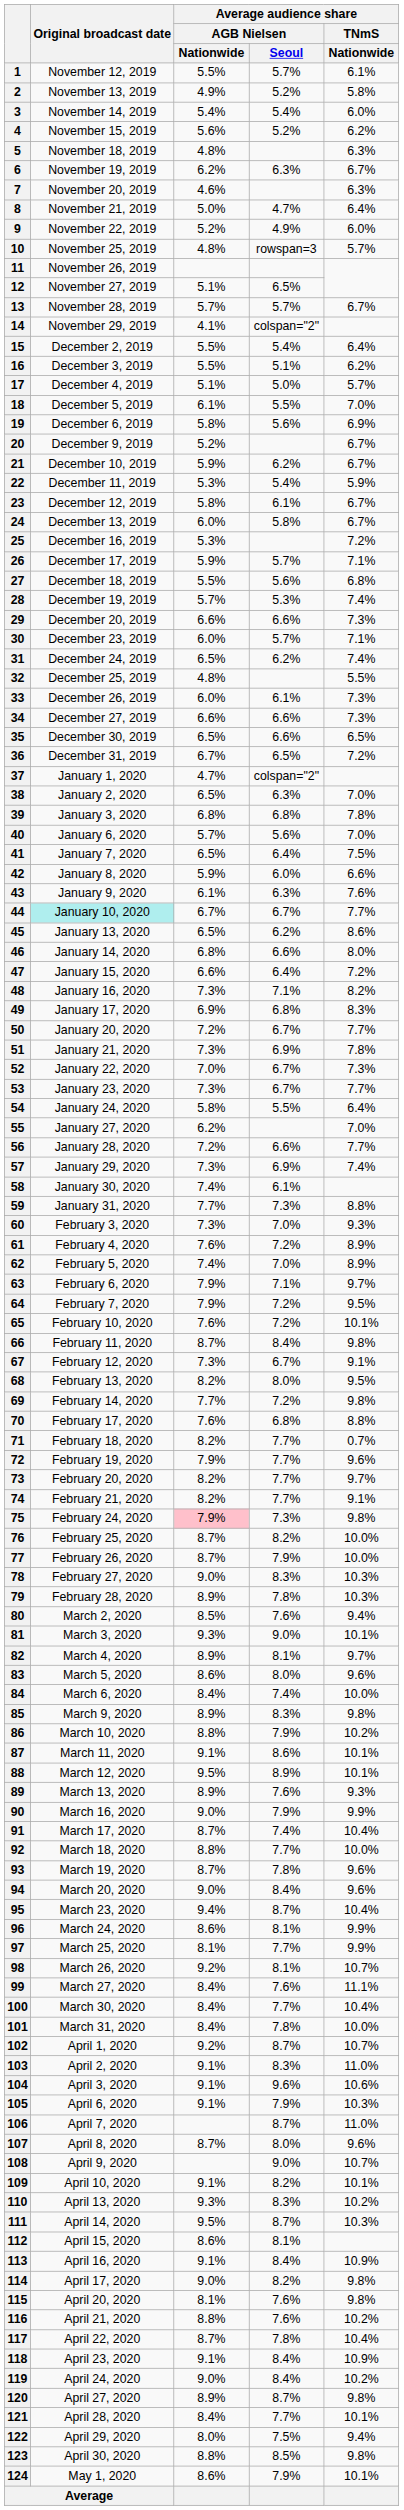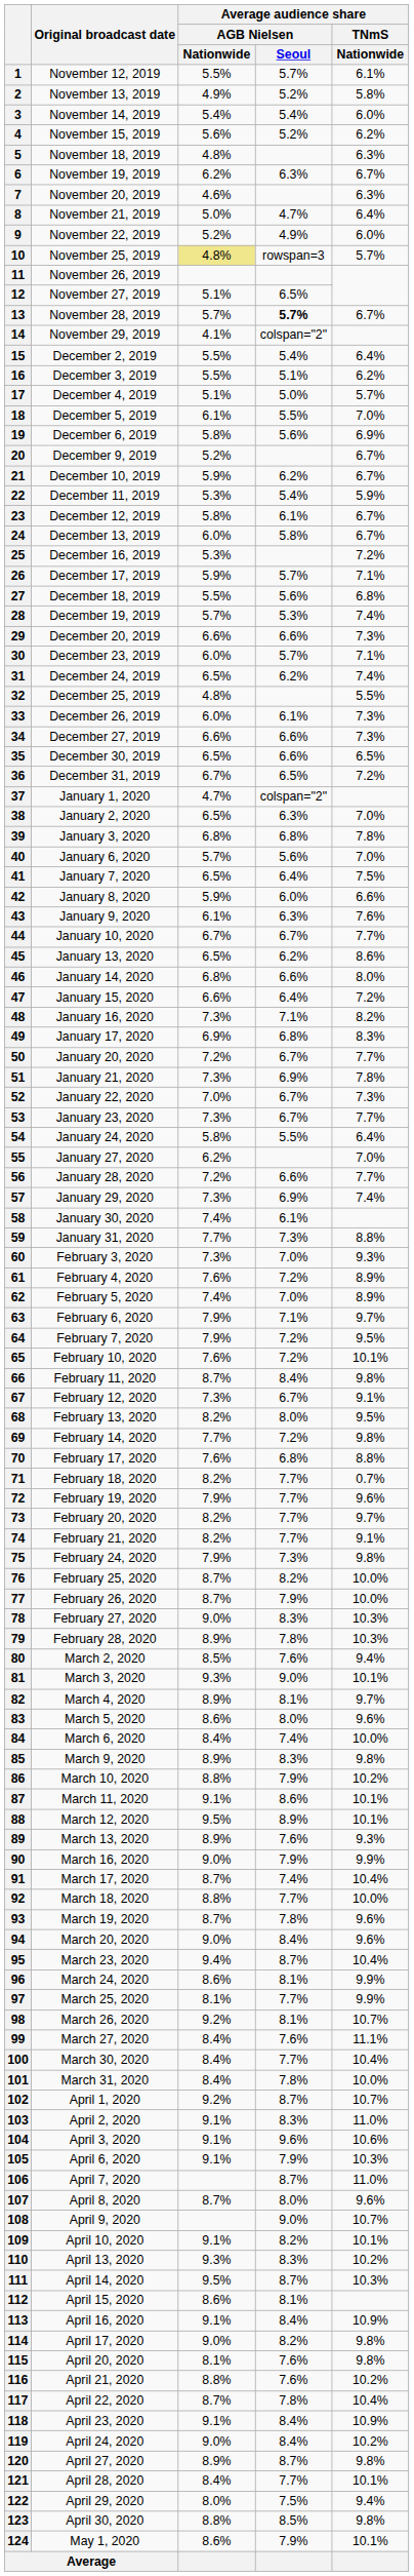 <table class="wikitable" style="text-align:center">
 <tr>
 <th rowspan="3"></th>
 <th rowspan="3">Original broadcast date</th>
 <th colspan="3">Average audience share</th>
 </tr>
 <tr>
 <th colspan="2">AGB Nielsen</th>
 <th>TNmS</th>
 </tr>
 <tr>
 <th width="90">Nationwide</th>
 <th width="90"><a href='#'>Seoul</a></th>
 <th width="90">Nationwide</th>
 </tr>
 <tr>
 <th>1</th>
 <td>November 12, 2019</td>
 <td>5.5%</td>
 <td>5.7%</td>
 <td>6.1%</td>
 </tr>
 <tr>
 <th>2</th>
 <td>November 13, 2019</td>
 <td>4.9%</td>
 <td>5.2%</td>
 <td>5.8%</td>
 </tr>
 <tr>
 <th>3</th>
 <td>November 14, 2019</td>
 <td>5.4%</td>
 <td>5.4%</td>
 <td>6.0%</td>
 </tr>
 <tr>
 <th>4</th>
 <td>November 15, 2019</td>
 <td>5.6%</td>
 <td>5.2%</td>
 <td>6.2%</td>
 </tr>
 <tr>
 <th>5</th>
 <td>November 18, 2019</td>
 <td>4.8%</td>
 <td></td>
 <td>6.3%</td>
 </tr>
 <tr>
 <th>6</th>
 <td>November 19, 2019</td>
 <td>6.2%</td>
 <td>6.3%</td>
 <td>6.7%</td>
 </tr>
 <tr>
 <th>7</th>
 <td>November 20, 2019</td>
 <td>4.6%</td>
 <td></td>
 <td>6.3%</td>
 </tr>
 <tr>
 <th>8</th>
 <td>November 21, 2019</td>
 <td>5.0%</td>
 <td>4.7%</td>
 <td>6.4%</td>
 </tr>
 <tr>
 <th>9</th>
 <td>November 22, 2019</td>
 <td>5.2%</td>
 <td>4.9%</td>
 <td>6.0%</td>
 </tr>
 <tr>
 <th>10</th>
 <td>November 25, 2019</td>
-<td>4.8%</td>
+<td style="background: khaki;">4.8%</td>
 <td>rowspan=3 </td>
 <td>5.7%</td>
 </tr>
 <tr>
 <th>11</th>
 <td>November 26, 2019</td>
 <td></td>
 <td></td>
 </tr>
 <tr>
 <th>12</th>
 <td>November 27, 2019</td>
 <td>5.1%</td>
 <td>6.5%</td>
 </tr>
 <tr>
 <th>13</th>
 <td>November 28, 2019</td>
 <td>5.7%</td>
-<td>5.7%</td>
+<td><strong>5.7%</strong></td>
 <td>6.7%</td>
 </tr>
 <tr>
 <th>14</th>
 <td>November 29, 2019</td>
 <td>4.1%</td>
 <td>colspan="2" </td>
 </tr>
 <tr>
 <th>15</th>
 <td>December 2, 2019</td>
 <td>5.5%</td>
 <td>5.4%</td>
 <td>6.4%</td>
 </tr>
 <tr>
 <th>16</th>
 <td>December 3, 2019</td>
 <td>5.5%</td>
 <td>5.1%</td>
 <td>6.2%</td>
 </tr>
 <tr>
 <th>17</th>
 <td>December 4, 2019</td>
 <td>5.1%</td>
 <td>5.0%</td>
 <td>5.7%</td>
 </tr>
 <tr>
 <th>18</th>
 <td>December 5, 2019</td>
 <td>6.1%</td>
 <td>5.5%</td>
 <td>7.0%</td>
 </tr>
 <tr>
 <th>19</th>
 <td>December 6, 2019</td>
 <td>5.8%</td>
 <td>5.6%</td>
 <td>6.9%</td>
 </tr>
 <tr>
 <th>20</th>
 <td>December 9, 2019</td>
 <td>5.2%</td>
 <td></td>
 <td>6.7%</td>
 </tr>
 <tr>
 <th>21</th>
 <td>December 10, 2019</td>
 <td>5.9%</td>
 <td>6.2%</td>
 <td>6.7%</td>
 </tr>
 <tr>
 <th>22</th>
 <td>December 11, 2019</td>
 <td>5.3%</td>
 <td>5.4%</td>
 <td>5.9%</td>
 </tr>
 <tr>
 <th>23</th>
 <td>December 12, 2019</td>
 <td>5.8%</td>
 <td>6.1%</td>
 <td>6.7%</td>
 </tr>
 <tr>
 <th>24</th>
 <td>December 13, 2019</td>
 <td>6.0%</td>
 <td>5.8%</td>
 <td>6.7%</td>
 </tr>
 <tr>
 <th>25</th>
 <td>December 16, 2019</td>
 <td>5.3%</td>
 <td></td>
 <td>7.2%</td>
 </tr>
 <tr>
 <th>26</th>
 <td>December 17, 2019</td>
 <td>5.9%</td>
 <td>5.7%</td>
 <td>7.1%</td>
 </tr>
 <tr>
 <th>27</th>
 <td>December 18, 2019</td>
 <td>5.5%</td>
 <td>5.6%</td>
 <td>6.8%</td>
 </tr>
 <tr>
 <th>28</th>
 <td>December 19, 2019</td>
 <td>5.7%</td>
 <td>5.3%</td>
 <td>7.4%</td>
 </tr>
 <tr>
 <th>29</th>
 <td>December 20, 2019</td>
 <td>6.6%</td>
 <td>6.6%</td>
 <td>7.3%</td>
 </tr>
 <tr>
 <th>30</th>
 <td>December 23, 2019</td>
 <td>6.0%</td>
 <td>5.7%</td>
 <td>7.1%</td>
 </tr>
 <tr>
 <th>31</th>
 <td>December 24, 2019</td>
 <td>6.5%</td>
 <td>6.2%</td>
 <td>7.4%</td>
 </tr>
 <tr>
 <th>32</th>
 <td>December 25, 2019</td>
 <td>4.8%</td>
 <td></td>
 <td>5.5%</td>
 </tr>
 <tr>
 <th>33</th>
 <td>December 26, 2019</td>
 <td>6.0%</td>
 <td>6.1%</td>
 <td>7.3%</td>
 </tr>
 <tr>
 <th>34</th>
 <td>December 27, 2019</td>
 <td>6.6%</td>
 <td>6.6%</td>
 <td>7.3%</td>
 </tr>
 <tr>
 <th>35</th>
 <td>December 30, 2019</td>
 <td>6.5%</td>
 <td>6.6%</td>
 <td>6.5%</td>
 </tr>
 <tr>
 <th>36</th>
 <td>December 31, 2019</td>
 <td>6.7%</td>
 <td>6.5%</td>
 <td>7.2%</td>
 </tr>
 <tr>
 <th>37</th>
 <td>January 1, 2020</td>
 <td>4.7%</td>
 <td>colspan="2" </td>
 </tr>
 <tr>
 <th>38</th>
 <td>January 2, 2020</td>
 <td>6.5%</td>
 <td>6.3%</td>
 <td>7.0%</td>
 </tr>
 <tr>
 <th>39</th>
 <td>January 3, 2020</td>
 <td>6.8%</td>
 <td>6.8%</td>
 <td>7.8%</td>
 </tr>
 <tr>
 <th>40</th>
 <td>January 6, 2020</td>
 <td>5.7%</td>
 <td>5.6%</td>
 <td>7.0%</td>
 </tr>
 <tr>
 <th>41</th>
 <td>January 7, 2020</td>
 <td>6.5%</td>
 <td>6.4%</td>
 <td>7.5%</td>
 </tr>
 <tr>
 <th>42</th>
 <td>January 8, 2020</td>
 <td>5.9%</td>
 <td>6.0%</td>
 <td>6.6%</td>
 </tr>
 <tr>
 <th>43</th>
 <td>January 9, 2020</td>
 <td>6.1%</td>
 <td>6.3%</td>
 <td>7.6%</td>
 </tr>
 <tr>
 <th>44</th>
-<td style="background: paleturquoise;">January 10, 2020</td>
+<td>January 10, 2020</td>
 <td>6.7%</td>
 <td>6.7%</td>
 <td>7.7%</td>
 </tr>
 <tr>
 <th>45</th>
 <td>January 13, 2020</td>
 <td>6.5%</td>
 <td>6.2%</td>
 <td>8.6%</td>
 </tr>
 <tr>
 <th>46</th>
 <td>January 14, 2020</td>
 <td>6.8%</td>
 <td>6.6%</td>
 <td>8.0%</td>
 </tr>
 <tr>
 <th>47</th>
 <td>January 15, 2020</td>
 <td>6.6%</td>
 <td>6.4%</td>
 <td>7.2%</td>
 </tr>
 <tr>
 <th>48</th>
 <td>January 16, 2020</td>
 <td>7.3%</td>
 <td>7.1%</td>
 <td>8.2%</td>
 </tr>
 <tr>
 <th>49</th>
 <td>January 17, 2020</td>
 <td>6.9%</td>
 <td>6.8%</td>
 <td>8.3%</td>
 </tr>
 <tr>
 <th>50</th>
 <td>January 20, 2020</td>
 <td>7.2%</td>
 <td>6.7%</td>
 <td>7.7%</td>
 </tr>
 <tr>
 <th>51</th>
 <td>January 21, 2020</td>
 <td>7.3%</td>
 <td>6.9%</td>
 <td>7.8%</td>
 </tr>
 <tr>
 <th>52</th>
 <td>January 22, 2020</td>
 <td>7.0%</td>
 <td>6.7%</td>
 <td>7.3%</td>
 </tr>
 <tr>
 <th>53</th>
 <td>January 23, 2020</td>
 <td>7.3%</td>
 <td>6.7%</td>
 <td>7.7%</td>
 </tr>
 <tr>
 <th>54</th>
 <td>January 24, 2020</td>
 <td>5.8%</td>
 <td>5.5%</td>
 <td>6.4%</td>
 </tr>
 <tr>
 <th>55</th>
 <td>January 27, 2020</td>
 <td>6.2%</td>
 <td></td>
 <td>7.0%</td>
 </tr>
 <tr>
 <th>56</th>
 <td>January 28, 2020</td>
 <td>7.2%</td>
 <td>6.6%</td>
 <td>7.7%</td>
 </tr>
 <tr>
 <th>57</th>
 <td>January 29, 2020</td>
 <td>7.3%</td>
 <td>6.9%</td>
 <td>7.4%</td>
 </tr>
 <tr>
 <th>58</th>
 <td>January 30, 2020</td>
 <td>7.4%</td>
 <td>6.1%</td>
 <td></td>
 </tr>
 <tr>
 <th>59</th>
 <td>January 31, 2020</td>
 <td>7.7%</td>
 <td>7.3%</td>
 <td>8.8%</td>
 </tr>
 <tr>
 <th>60</th>
 <td>February 3, 2020</td>
 <td>7.3%</td>
 <td>7.0%</td>
 <td>9.3%</td>
 </tr>
 <tr>
 <th>61</th>
 <td>February 4, 2020</td>
 <td>7.6%</td>
 <td>7.2%</td>
 <td>8.9%</td>
 </tr>
 <tr>
 <th>62</th>
 <td>February 5, 2020</td>
 <td>7.4%</td>
 <td>7.0%</td>
 <td>8.9%</td>
 </tr>
 <tr>
 <th>63</th>
 <td>February 6, 2020</td>
 <td>7.9%</td>
 <td>7.1%</td>
 <td>9.7%</td>
 </tr>
 <tr>
 <th>64</th>
 <td>February 7, 2020</td>
 <td>7.9%</td>
 <td>7.2%</td>
 <td>9.5%</td>
 </tr>
 <tr>
 <th>65</th>
 <td>February 10, 2020</td>
 <td>7.6%</td>
 <td>7.2%</td>
 <td>10.1%</td>
 </tr>
 <tr>
 <th>66</th>
 <td>February 11, 2020</td>
 <td>8.7%</td>
 <td>8.4%</td>
 <td>9.8%</td>
 </tr>
 <tr>
 <th>67</th>
 <td>February 12, 2020</td>
 <td>7.3%</td>
 <td>6.7%</td>
 <td>9.1%</td>
 </tr>
 <tr>
 <th>68</th>
 <td>February 13, 2020</td>
 <td>8.2%</td>
 <td>8.0%</td>
 <td>9.5%</td>
 </tr>
 <tr>
 <th>69</th>
 <td>February 14, 2020</td>
 <td>7.7%</td>
 <td>7.2%</td>
 <td>9.8%</td>
 </tr>
 <tr>
 <th>70</th>
 <td>February 17, 2020</td>
 <td>7.6%</td>
 <td>6.8%</td>
 <td>8.8%</td>
 </tr>
 <tr>
 <th>71</th>
 <td>February 18, 2020</td>
 <td>8.2%</td>
 <td>7.7%</td>
 <td>0.7%</td>
 </tr>
 <tr>
 <th>72</th>
 <td>February 19, 2020</td>
 <td>7.9%</td>
 <td>7.7%</td>
 <td>9.6%</td>
 </tr>
 <tr>
 <th>73</th>
 <td>February 20, 2020</td>
 <td>8.2%</td>
 <td>7.7%</td>
 <td>9.7%</td>
 </tr>
 <tr>
 <th>74</th>
 <td>February 21, 2020</td>
 <td>8.2%</td>
 <td>7.7%</td>
 <td>9.1%</td>
 </tr>
 <tr>
 <th>75</th>
 <td>February 24, 2020</td>
-<td style="background: pink;">7.9%</td>
+<td>7.9%</td>
 <td>7.3%</td>
 <td>9.8%</td>
 </tr>
 <tr>
 <th>76</th>
 <td>February 25, 2020</td>
 <td>8.7%</td>
 <td>8.2%</td>
 <td>10.0%</td>
 </tr>
 <tr>
 <th>77</th>
 <td>February 26, 2020</td>
 <td>8.7%</td>
 <td>7.9%</td>
 <td>10.0%</td>
 </tr>
 <tr>
 <th>78</th>
 <td>February 27, 2020</td>
 <td>9.0%</td>
 <td>8.3%</td>
 <td>10.3%</td>
 </tr>
 <tr>
 <th>79</th>
 <td>February 28, 2020</td>
 <td>8.9%</td>
 <td>7.8%</td>
 <td>10.3%</td>
 </tr>
 <tr>
 <th>80</th>
 <td>March 2, 2020</td>
 <td>8.5%</td>
 <td>7.6%</td>
 <td>9.4%</td>
 </tr>
 <tr>
 <th>81</th>
 <td>March 3, 2020</td>
 <td>9.3%</td>
 <td>9.0%</td>
 <td>10.1%</td>
 </tr>
 <tr>
 <th>82</th>
 <td>March 4, 2020</td>
 <td>8.9%</td>
 <td>8.1%</td>
 <td>9.7%</td>
 </tr>
 <tr>
 <th>83</th>
 <td>March 5, 2020</td>
 <td>8.6%</td>
 <td>8.0%</td>
 <td>9.6%</td>
 </tr>
 <tr>
 <th>84</th>
 <td>March 6, 2020</td>
 <td>8.4%</td>
 <td>7.4%</td>
 <td>10.0%</td>
 </tr>
 <tr>
 <th>85</th>
 <td>March 9, 2020</td>
 <td>8.9%</td>
 <td>8.3%</td>
 <td>9.8%</td>
 </tr>
 <tr>
 <th>86</th>
 <td>March 10, 2020</td>
 <td>8.8%</td>
 <td>7.9%</td>
 <td>10.2%</td>
 </tr>
 <tr>
 <th>87</th>
 <td>March 11, 2020</td>
 <td>9.1%</td>
 <td>8.6%</td>
 <td>10.1%</td>
 </tr>
 <tr>
 <th>88</th>
 <td>March 12, 2020</td>
 <td>9.5%</td>
 <td>8.9%</td>
 <td>10.1%</td>
 </tr>
 <tr>
 <th>89</th>
 <td>March 13, 2020</td>
 <td>8.9%</td>
 <td>7.6%</td>
 <td>9.3%</td>
 </tr>
 <tr>
 <th>90</th>
 <td>March 16, 2020</td>
 <td>9.0%</td>
 <td>7.9%</td>
 <td>9.9%</td>
 </tr>
 <tr>
 <th>91</th>
 <td>March 17, 2020</td>
 <td>8.7%</td>
 <td>7.4%</td>
 <td>10.4%</td>
 </tr>
 <tr>
 <th>92</th>
 <td>March 18, 2020</td>
 <td>8.8%</td>
 <td>7.7%</td>
 <td>10.0%</td>
 </tr>
 <tr>
 <th>93</th>
 <td>March 19, 2020</td>
 <td>8.7%</td>
 <td>7.8%</td>
 <td>9.6%</td>
 </tr>
 <tr>
 <th>94</th>
 <td>March 20, 2020</td>
 <td>9.0%</td>
 <td>8.4%</td>
 <td>9.6%</td>
 </tr>
 <tr>
 <th>95</th>
 <td>March 23, 2020</td>
 <td>9.4%</td>
 <td>8.7%</td>
 <td>10.4%</td>
 </tr>
 <tr>
 <th>96</th>
 <td>March 24, 2020</td>
 <td>8.6%</td>
 <td>8.1%</td>
 <td>9.9%</td>
 </tr>
 <tr>
 <th>97</th>
 <td>March 25, 2020</td>
 <td>8.1%</td>
 <td>7.7%</td>
 <td>9.9%</td>
 </tr>
 <tr>
 <th>98</th>
 <td>March 26, 2020</td>
 <td>9.2%</td>
 <td>8.1%</td>
 <td>10.7%</td>
 </tr>
 <tr>
 <th>99</th>
 <td>March 27, 2020</td>
 <td>8.4%</td>
 <td>7.6%</td>
 <td>11.1%</td>
 </tr>
 <tr>
 <th>100</th>
 <td>March 30, 2020</td>
 <td>8.4%</td>
 <td>7.7%</td>
 <td>10.4%</td>
 </tr>
 <tr>
 <th>101</th>
 <td>March 31, 2020</td>
 <td>8.4%</td>
 <td>7.8%</td>
 <td>10.0%</td>
 </tr>
 <tr>
 <th>102</th>
 <td>April 1, 2020</td>
 <td>9.2%</td>
 <td>8.7%</td>
 <td>10.7%</td>
 </tr>
 <tr>
 <th>103</th>
 <td>April 2, 2020</td>
 <td>9.1%</td>
 <td>8.3%</td>
 <td>11.0%</td>
 </tr>
 <tr>
 <th>104</th>
 <td>April 3, 2020</td>
 <td>9.1%</td>
 <td>9.6%</td>
 <td>10.6%</td>
 </tr>
 <tr>
 <th>105</th>
 <td>April 6, 2020</td>
 <td>9.1%</td>
 <td>7.9%</td>
 <td>10.3%</td>
 </tr>
 <tr>
 <th>106</th>
 <td>April 7, 2020</td>
 <td></td>
 <td>8.7%</td>
 <td>11.0%</td>
 </tr>
 <tr>
 <th>107</th>
 <td>April 8, 2020</td>
 <td>8.7%</td>
 <td>8.0%</td>
 <td>9.6%</td>
 </tr>
 <tr>
 <th>108</th>
 <td>April 9, 2020</td>
 <td></td>
 <td>9.0%</td>
 <td>10.7%</td>
 </tr>
 <tr>
 <th>109</th>
 <td>April 10, 2020</td>
 <td>9.1%</td>
 <td>8.2%</td>
 <td>10.1%</td>
 </tr>
 <tr>
 <th>110</th>
 <td>April 13, 2020</td>
 <td>9.3%</td>
 <td>8.3%</td>
 <td>10.2%</td>
 </tr>
 <tr>
 <th>111</th>
 <td>April 14, 2020</td>
 <td>9.5%</td>
 <td>8.7%</td>
 <td>10.3%</td>
 </tr>
 <tr>
 <th>112</th>
 <td>April 15, 2020</td>
 <td>8.6%</td>
 <td>8.1%</td>
 <td></td>
 </tr>
 <tr>
 <th>113</th>
 <td>April 16, 2020</td>
 <td>9.1%</td>
 <td>8.4%</td>
 <td>10.9%</td>
 </tr>
 <tr>
 <th>114</th>
 <td>April 17, 2020</td>
 <td>9.0%</td>
 <td>8.2%</td>
 <td>9.8%</td>
 </tr>
 <tr>
 <th>115</th>
 <td>April 20, 2020</td>
 <td>8.1%</td>
 <td>7.6%</td>
 <td>9.8%</td>
 </tr>
 <tr>
 <th>116</th>
 <td>April 21, 2020</td>
 <td>8.8%</td>
 <td>7.6%</td>
 <td>10.2%</td>
 </tr>
 <tr>
 <th>117</th>
 <td>April 22, 2020</td>
 <td>8.7%</td>
 <td>7.8%</td>
 <td>10.4%</td>
 </tr>
 <tr>
 <th>118</th>
 <td>April 23, 2020</td>
 <td>9.1%</td>
 <td>8.4%</td>
 <td>10.9%</td>
 </tr>
 <tr>
 <th>119</th>
 <td>April 24, 2020</td>
 <td>9.0%</td>
 <td>8.4%</td>
 <td>10.2%</td>
 </tr>
 <tr>
 <th>120</th>
 <td>April 27, 2020</td>
 <td>8.9%</td>
 <td>8.7%</td>
 <td>9.8%</td>
 </tr>
 <tr>
 <th>121</th>
 <td>April 28, 2020</td>
 <td>8.4%</td>
 <td>7.7%</td>
 <td>10.1%</td>
 </tr>
 <tr>
 <th>122</th>
 <td>April 29, 2020</td>
 <td>8.0%</td>
 <td>7.5%</td>
 <td>9.4%</td>
 </tr>
 <tr>
 <th>123</th>
 <td>April 30, 2020</td>
 <td>8.8%</td>
 <td>8.5%</td>
 <td>9.8%</td>
 </tr>
 <tr>
 <th>124</th>
 <td>May 1, 2020</td>
 <td>8.6%</td>
 <td>7.9%</td>
 <td>10.1%</td>
 </tr>
 <tr>
 <th colspan="2">Average</th>
 <th></th>
 <th></th>
 <th></th>
 </tr>
 </table>
